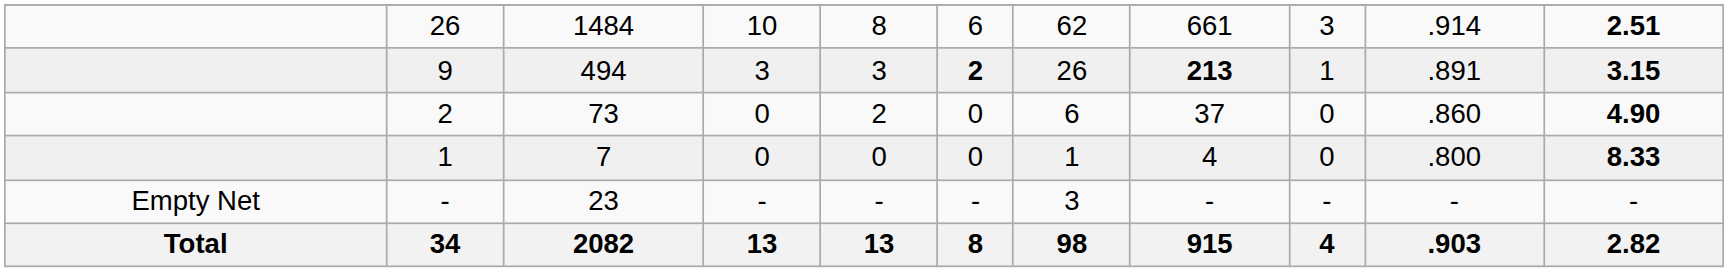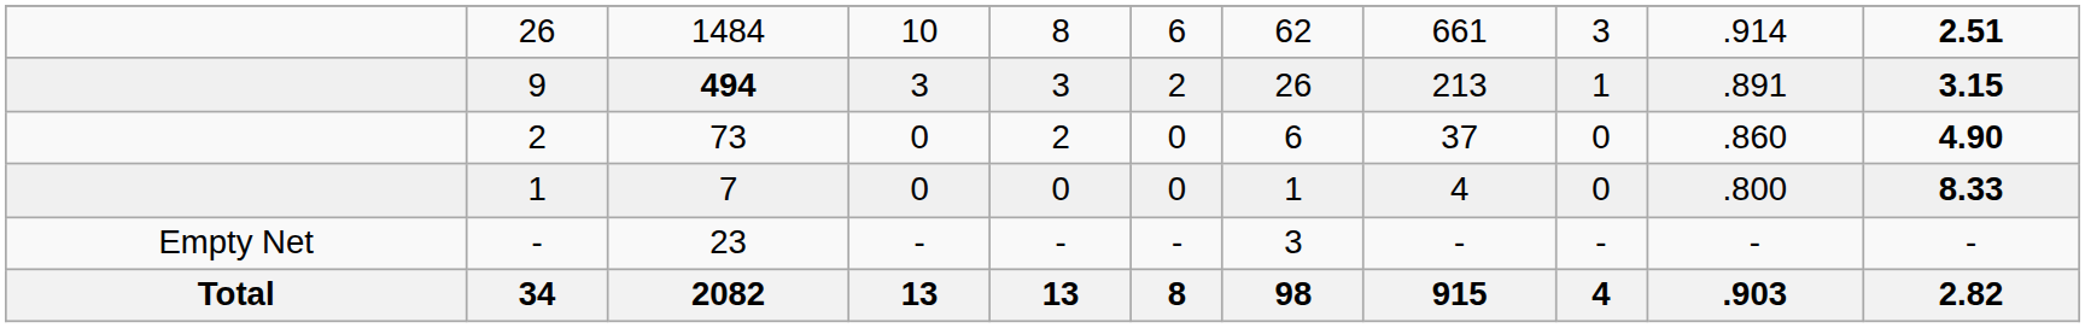 <table class="wikitable sortable" width ="1000">
 <tr align="center">
 </tr>
 <tr align="center" bgcolor="">
 <td></td>
 <td>26</td>
 <td>1484</td>
 <td>10</td>
 <td>8</td>
 <td>6</td>
 <td>62</td>
 <td>661</td>
 <td>3</td>
 <td>.914</td>
 <td><strong>2.51</strong></td>
 </tr>
 <tr align="center" bgcolor="#f0f0f0">
 <td></td>
 <td>9</td>
-<td>494</td>
+<td><strong>494</strong></td>
 <td>3</td>
 <td>3</td>
-<td><strong>2</strong></td>
+<td>2</td>
 <td>26</td>
-<td><strong>213</strong></td>
+<td>213</td>
 <td>1</td>
 <td>.891</td>
 <td><strong>3.15</strong></td>
 </tr>
 <tr align="center" bgcolor="">
 <td></td>
 <td>2</td>
 <td>73</td>
 <td>0</td>
 <td>2</td>
 <td>0</td>
 <td>6</td>
 <td>37</td>
 <td>0</td>
 <td>.860</td>
 <td><strong>4.90</strong></td>
 </tr>
 <tr align="center" bgcolor="#f0f0f0">
 <td></td>
 <td>1</td>
 <td>7</td>
 <td>0</td>
 <td>0</td>
 <td>0</td>
 <td>1</td>
 <td>4</td>
 <td>0</td>
 <td>.800</td>
 <td><strong>8.33</strong></td>
 </tr>
 <tr align="center" bgcolor="">
 <td>Empty Net</td>
 <td>-</td>
 <td>23</td>
 <td>-</td>
 <td>-</td>
 <td>-</td>
 <td>3</td>
 <td>-</td>
 <td>-</td>
 <td>-</td>
 <td>-</td>
 </tr>
 <tr>
 <th>Total</th>
 <th>34</th>
 <th>2082</th>
 <th>13</th>
 <th>13</th>
 <th>8</th>
 <th>98</th>
 <th>915</th>
 <th>4</th>
 <th>.903</th>
 <th>2.82</th>
 </tr>
 </table>
